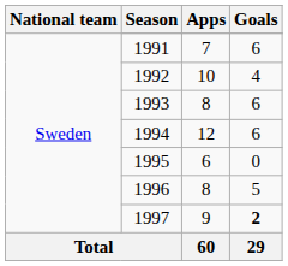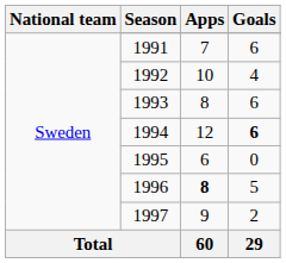 <table class="wikitable" style="text-align:center">
 <tr>
 <th>National team</th>
 <th>Season</th>
 <th>Apps</th>
 <th>Goals</th>
 </tr>
 <tr>
 <td rowspan="8"><a href='#'>Sweden</a></td>
 </tr>
 <tr>
 <td>1991</td>
 <td>7</td>
 <td>6</td>
 </tr>
 <tr>
 <td>1992</td>
 <td>10</td>
 <td>4</td>
 </tr>
 <tr>
 <td>1993</td>
 <td>8</td>
 <td>6</td>
 </tr>
 <tr>
 <td>1994</td>
 <td>12</td>
-<td>6</td>
+<td><strong>6</strong></td>
 </tr>
 <tr>
 <td>1995</td>
 <td>6</td>
 <td>0</td>
 </tr>
 <tr>
 <td>1996</td>
-<td>8</td>
+<td><strong>8</strong></td>
 <td>5</td>
 </tr>
 <tr>
 <td>1997</td>
 <td>9</td>
-<td><strong>2</strong></td>
+<td>2</td>
 </tr>
 <tr>
 <th colspan="2">Total</th>
 <th>60</th>
 <th>29</th>
 </tr>
 </table>
